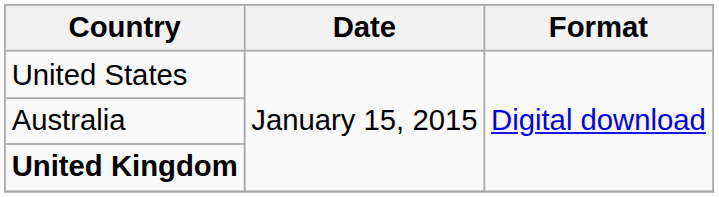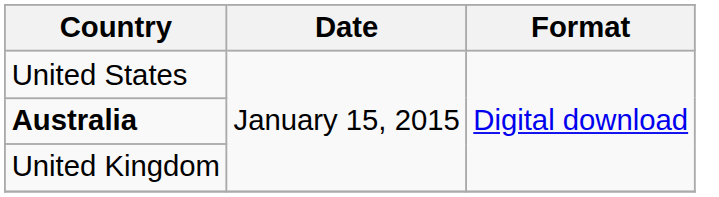 <table class="wikitable plainrowheaders">
 <tr>
 <th scope="col">Country</th>
 <th scope="col">Date</th>
 <th scope="col">Format</th>
 </tr>
 <tr>
 <td>United States</td>
 <td rowspan="3">January 15, 2015</td>
 <td rowspan="3"><a href='#'>Digital download</a></td>
 </tr>
 <tr>
-<td>Australia</td>
+<td><strong>Australia</strong></td>
 </tr>
 <tr>
-<td><strong>United Kingdom</strong></td>
+<td>United Kingdom</td>
 </tr>
 <tr>
 </tr>
 </table>
